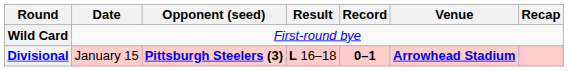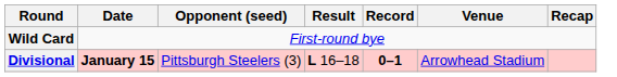 <table class="wikitable" style="text-align:center">
 <tr>
 <th>Round</th>
 <th>Date</th>
 <th>Opponent (seed)</th>
 <th>Result</th>
 <th>Record</th>
 <th>Venue</th>
 <th>Recap</th>
 </tr>
 <tr>
 <th>Wild Card</th>
 <td colspan="6"><em><a href='#'>First-round bye</a></em></td>
 </tr>
 <tr style="background:#fcc">
 <th><a href='#'>Divisional</a></th>
-<td>January 15</td>
-<td><strong><a href='#'>Pittsburgh Steelers</a> (3)</strong></td>
+<td><strong>January 15</strong></td>
+<td><a href='#'>Pittsburgh Steelers</a> (3)</td>
 <td><strong>L</strong> 16–18</td>
 <td><strong>0–1</strong></td>
-<td><strong><a href='#'>Arrowhead Stadium</a></strong></td>
+<td><a href='#'>Arrowhead Stadium</a></td>
 <td></td>
 </tr>
 </table>
